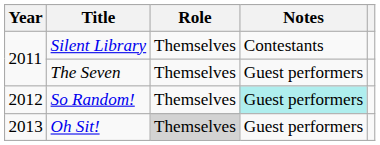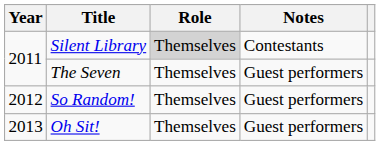 <table class="wikitable">
 <tr>
 <th>Year</th>
 <th>Title</th>
 <th>Role</th>
 <th>Notes</th>
 <th></th>
 </tr>
 <tr>
 <td rowspan="2">2011</td>
 <td><em><a href='#'>Silent Library</a></em></td>
-<td>Themselves</td>
+<td style="background: lightgrey;">Themselves</td>
 <td>Contestants</td>
 <td style="text-align:center;"></td>
 </tr>
 <tr>
 <td><em>The Seven</em></td>
 <td>Themselves</td>
 <td>Guest performers</td>
 <td style="text-align:center;"></td>
 </tr>
 <tr>
 <td>2012</td>
 <td><em><a href='#'>So Random!</a></em></td>
 <td>Themselves</td>
-<td style="background: paleturquoise;">Guest performers</td>
+<td>Guest performers</td>
 <td style="text-align:center;"></td>
 </tr>
 <tr>
 <td>2013</td>
 <td><em><a href='#'>Oh Sit!</a></em></td>
-<td style="background: lightgrey;">Themselves</td>
+<td>Themselves</td>
 <td>Guest performers</td>
 <td style="text-align:center;"></td>
 </tr>
 </table>
